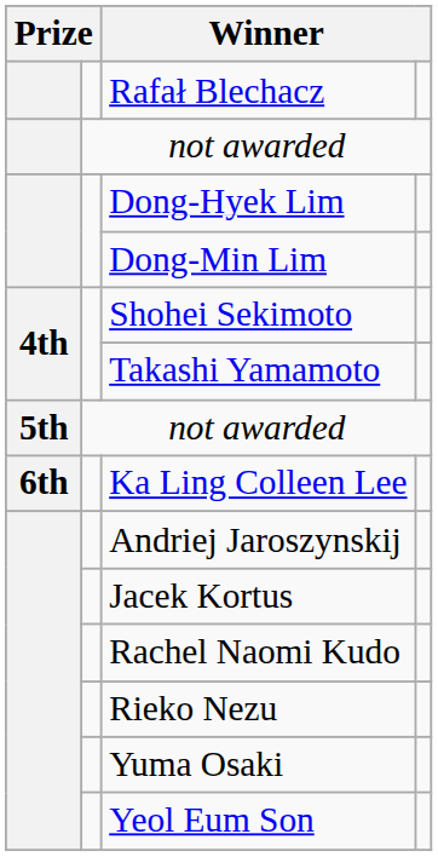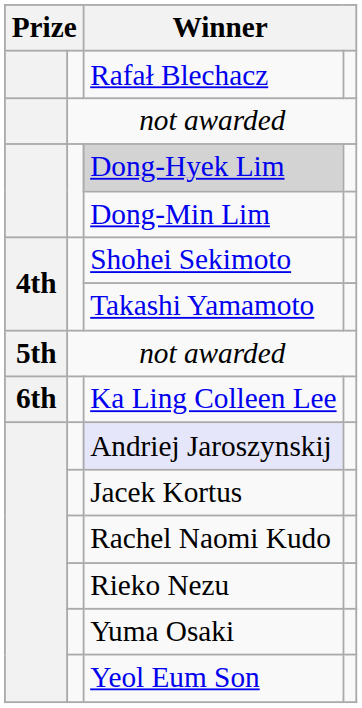 <table class="wikitable">
 <tr>
 <th colspan="2">Prize</th>
 <th colspan="2">Winner</th>
 </tr>
 <tr>
 <th></th>
 <td></td>
 <td><a href='#'>Rafał Blechacz</a></td>
 <td></td>
 </tr>
 <tr>
 <th></th>
 <td colspan="3" align="center"><em>not awarded</em></td>
 </tr>
 <tr>
 <th rowspan="2"></th>
 <td rowspan="2"></td>
-<td><a href='#'>Dong-Hyek Lim</a></td>
+<td style="background: lightgrey;"><a href='#'>Dong-Hyek Lim</a></td>
 <td></td>
 </tr>
 <tr>
 <td><a href='#'>Dong-Min Lim</a></td>
 <td></td>
 </tr>
 <tr>
 <th rowspan="2">4th</th>
 <td rowspan="2"></td>
 <td><a href='#'>Shohei Sekimoto</a></td>
 <td></td>
 </tr>
 <tr>
 <td><a href='#'>Takashi Yamamoto</a></td>
 <td></td>
 </tr>
 <tr>
 <th>5th</th>
 <td colspan="3" align="center"><em>not awarded</em></td>
 </tr>
 <tr>
 <th>6th</th>
 <td></td>
 <td><a href='#'>Ka Ling Colleen Lee</a></td>
 <td></td>
 </tr>
 <tr>
 <th rowspan="6"></th>
 <td></td>
-<td>Andriej Jaroszynskij</td>
+<td style="background: lavender;">Andriej Jaroszynskij</td>
 <td></td>
 </tr>
 <tr>
 <td></td>
 <td>Jacek Kortus</td>
 <td></td>
 </tr>
 <tr>
 <td></td>
 <td>Rachel Naomi Kudo</td>
 <td></td>
 </tr>
 <tr>
 <td></td>
 <td>Rieko Nezu</td>
 <td></td>
 </tr>
 <tr>
 <td></td>
 <td>Yuma Osaki</td>
 <td></td>
 </tr>
 <tr>
 <td></td>
 <td><a href='#'>Yeol Eum Son</a></td>
 <td></td>
 </tr>
 </table>
